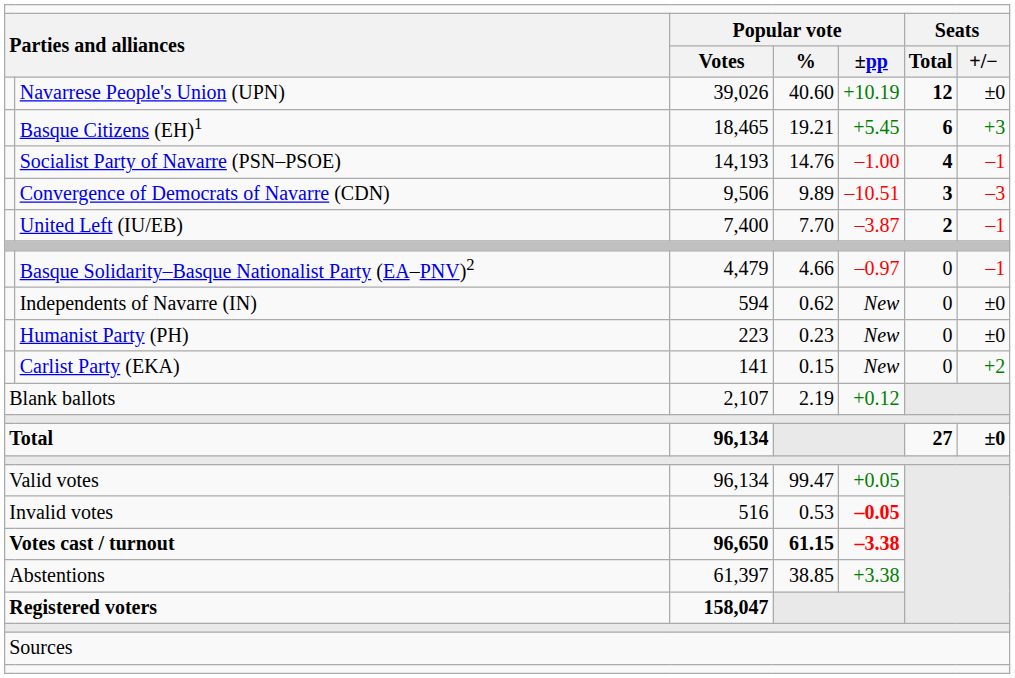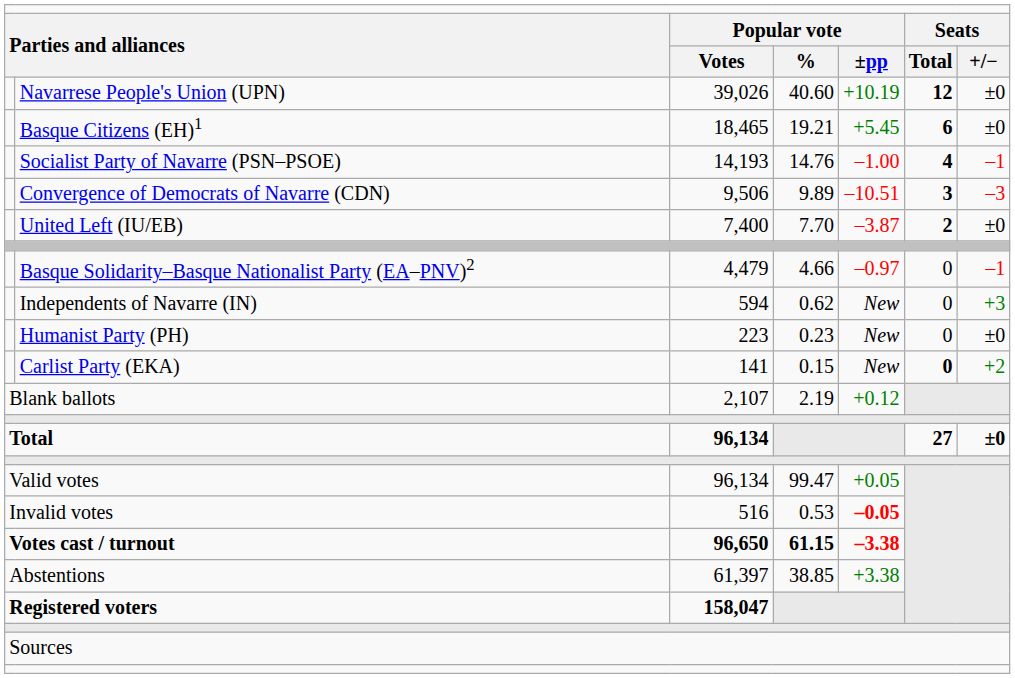 <table class="wikitable" style="text-align:right;">
 <tr>
 <td colspan="7"></td>
 </tr>
 <tr>
 <th style="text-align:left;" rowspan="2" colspan="2" width="525">Parties and alliances</th>
 <th colspan="3">Popular vote</th>
 <th colspan="2">Seats</th>
 </tr>
 <tr>
 <th width="75">Votes</th>
 <th width="45">%</th>
 <th width="45">±<a href='#'>pp</a></th>
 <th width="35">Total</th>
 <th width="35">+/−</th>
 </tr>
 <tr>
 <td width="1" style="color:inherit;background:"></td>
 <td align="left"><a href='#'>Navarrese People's Union</a> (UPN)</td>
 <td>39,026</td>
 <td>40.60</td>
 <td style="color:green;">+10.19</td>
 <td><strong>12</strong></td>
 <td>±0</td>
 </tr>
 <tr>
 <td style="color:inherit;background:"></td>
 <td align="left"><a href='#'>Basque Citizens</a> (EH)<sup>1</sup></td>
 <td>18,465</td>
 <td>19.21</td>
 <td style="color:green;">+5.45</td>
 <td><strong>6</strong></td>
-<td style="color:green;">+3</td>
+<td>±0</td>
 </tr>
 <tr>
 <td style="color:inherit;background:"></td>
 <td align="left"><a href='#'>Socialist Party of Navarre</a> (PSN–PSOE)</td>
 <td>14,193</td>
 <td>14.76</td>
 <td style="color:red;">–1.00</td>
 <td><strong>4</strong></td>
 <td style="color:red;">–1</td>
 </tr>
 <tr>
 <td style="color:inherit;background:"></td>
 <td align="left"><a href='#'>Convergence of Democrats of Navarre</a> (CDN)</td>
 <td>9,506</td>
 <td>9.89</td>
 <td style="color:red;">–10.51</td>
 <td><strong>3</strong></td>
 <td style="color:red;">–3</td>
 </tr>
 <tr>
 <td style="color:inherit;background:"></td>
 <td align="left"><a href='#'>United Left</a> (IU/EB)</td>
 <td>7,400</td>
 <td>7.70</td>
 <td style="color:red;">–3.87</td>
 <td><strong>2</strong></td>
-<td style="color:red;">–1</td>
+<td>±0</td>
 </tr>
 <tr>
 <td colspan="7" bgcolor="#C0C0C0"></td>
 </tr>
 <tr>
 <td style="color:inherit;background:"></td>
 <td align="left"><a href='#'>Basque Solidarity–Basque Nationalist Party</a> (<a href='#'>EA</a>–<a href='#'>PNV</a>)<sup>2</sup></td>
 <td>4,479</td>
 <td>4.66</td>
 <td style="color:red;">–0.97</td>
 <td>0</td>
 <td style="color:red;">–1</td>
 </tr>
 <tr>
 <td style="color:inherit;background:"></td>
 <td align="left">Independents of Navarre (IN)</td>
 <td>594</td>
 <td>0.62</td>
 <td><em>New</em></td>
 <td>0</td>
-<td>±0</td>
+<td style="color:green;">+3</td>
 </tr>
 <tr>
 <td style="color:inherit;background:"></td>
 <td align="left"><a href='#'>Humanist Party</a> (PH)</td>
 <td>223</td>
 <td>0.23</td>
 <td><em>New</em></td>
 <td>0</td>
 <td>±0</td>
 </tr>
 <tr>
 <td style="color:inherit;background:"></td>
 <td align="left"><a href='#'>Carlist Party</a> (EKA)</td>
 <td>141</td>
 <td>0.15</td>
 <td><em>New</em></td>
-<td>0</td>
+<td><strong>0</strong></td>
 <td style="color:green;">+2</td>
 </tr>
 <tr>
 <td align="left" colspan="2">Blank ballots</td>
 <td>2,107</td>
 <td>2.19</td>
 <td style="color:green;">+0.12</td>
 <td bgcolor="#E9E9E9" colspan="2"></td>
 </tr>
 <tr>
 <td colspan="7" bgcolor="#E9E9E9"></td>
 </tr>
 <tr style="font-weight:bold;">
 <td align="left" colspan="2">Total</td>
 <td>96,134</td>
 <td bgcolor="#E9E9E9" colspan="2"></td>
 <td>27</td>
 <td>±0</td>
 </tr>
 <tr>
 <td colspan="7" bgcolor="#E9E9E9"></td>
 </tr>
 <tr>
 <td align="left" colspan="2">Valid votes</td>
 <td>96,134</td>
 <td>99.47</td>
 <td style="color:green;">+0.05</td>
 <td bgcolor="#E9E9E9" colspan="2" rowspan="5"></td>
 </tr>
 <tr>
 <td align="left" colspan="2">Invalid votes</td>
 <td>516</td>
 <td>0.53</td>
 <td style="color:red;"><strong>–0.05</strong></td>
 </tr>
 <tr style="font-weight:bold;">
 <td align="left" colspan="2">Votes cast / turnout</td>
 <td>96,650</td>
 <td>61.15</td>
 <td style="color:red;">–3.38</td>
 </tr>
 <tr>
 <td align="left" colspan="2">Abstentions</td>
 <td>61,397</td>
 <td>38.85</td>
 <td style="color:green;">+3.38</td>
 </tr>
 <tr style="font-weight:bold;">
 <td align="left" colspan="2">Registered voters</td>
 <td>158,047</td>
 <td bgcolor="#E9E9E9" colspan="2"></td>
 </tr>
 <tr>
 <td colspan="7" bgcolor="#E9E9E9"></td>
 </tr>
 <tr>
 <td align="left" colspan="7">Sources</td>
 </tr>
 <tr>
 <td colspan="7" style="text-align:left; max-width:790px;"></td>
 </tr>
 </table>
